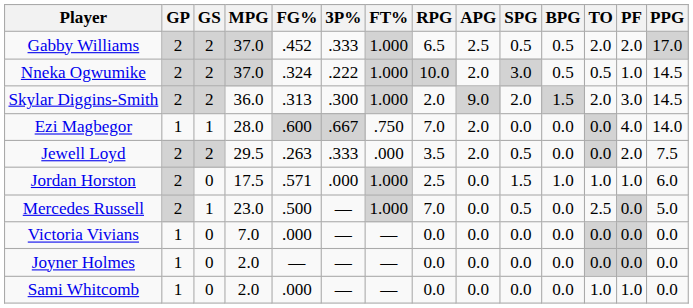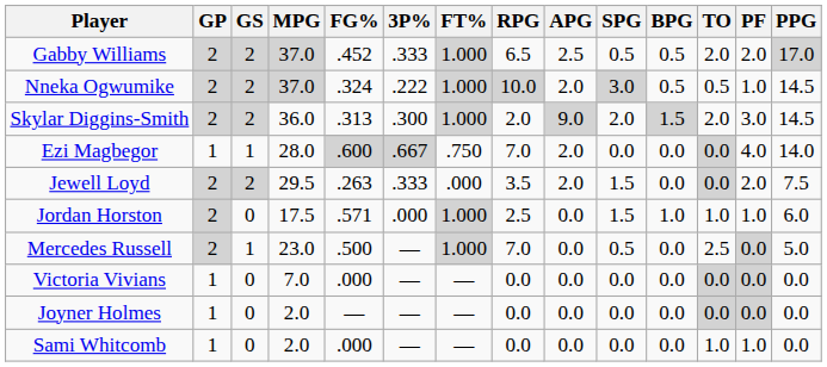 <table class="wikitable sortable" style="text-align:center;">
 <tr>
 <th>Player</th>
 <th>GP</th>
 <th>GS</th>
 <th>MPG</th>
 <th>FG%</th>
 <th>3P%</th>
 <th>FT%</th>
 <th>RPG</th>
 <th>APG</th>
 <th>SPG</th>
 <th>BPG</th>
 <th>TO</th>
 <th>PF</th>
 <th>PPG</th>
 </tr>
 <tr>
 <td><a href='#'>Gabby Williams</a></td>
 <td style="background:#D3D3D3;">2</td>
 <td style="background:#D3D3D3;">2</td>
 <td style="background:#D3D3D3;">37.0</td>
 <td>.452</td>
 <td>.333</td>
 <td style="background:#D3D3D3;">1.000</td>
 <td>6.5</td>
 <td>2.5</td>
 <td>0.5</td>
 <td>0.5</td>
 <td>2.0</td>
 <td>2.0</td>
 <td style="background:#D3D3D3;">17.0</td>
 </tr>
 <tr>
 <td><a href='#'>Nneka Ogwumike</a></td>
 <td style="background:#D3D3D3;">2</td>
 <td style="background:#D3D3D3;">2</td>
 <td style="background:#D3D3D3;">37.0</td>
 <td>.324</td>
 <td>.222</td>
 <td style="background:#D3D3D3;">1.000</td>
 <td style="background:#D3D3D3;">10.0</td>
 <td>2.0</td>
 <td style="background:#D3D3D3;">3.0</td>
 <td>0.5</td>
 <td>0.5</td>
 <td>1.0</td>
 <td>14.5</td>
 </tr>
 <tr>
 <td><a href='#'>Skylar Diggins-Smith</a></td>
 <td style="background:#D3D3D3;">2</td>
 <td style="background:#D3D3D3;">2</td>
 <td>36.0</td>
 <td>.313</td>
 <td>.300</td>
 <td style="background:#D3D3D3;">1.000</td>
 <td>2.0</td>
 <td style="background:#D3D3D3;">9.0</td>
 <td>2.0</td>
 <td style="background:#D3D3D3;">1.5</td>
 <td>2.0</td>
 <td>3.0</td>
 <td>14.5</td>
 </tr>
 <tr>
 <td><a href='#'>Ezi Magbegor</a></td>
 <td>1</td>
 <td>1</td>
 <td>28.0</td>
 <td style="background:#D3D3D3;">.600</td>
 <td style="background:#D3D3D3;">.667</td>
 <td>.750</td>
 <td>7.0</td>
 <td>2.0</td>
 <td>0.0</td>
 <td>0.0</td>
 <td style="background:#D3D3D3;">0.0</td>
 <td>4.0</td>
 <td>14.0</td>
 </tr>
 <tr>
 <td><a href='#'>Jewell Loyd</a></td>
 <td style="background:#D3D3D3;">2</td>
 <td style="background:#D3D3D3;">2</td>
 <td>29.5</td>
 <td>.263</td>
 <td>.333</td>
 <td>.000</td>
 <td>3.5</td>
 <td>2.0</td>
-<td>0.5</td>
+<td>1.5</td>
 <td>0.0</td>
 <td style="background:#D3D3D3;">0.0</td>
 <td>2.0</td>
 <td>7.5</td>
 </tr>
 <tr>
 <td><a href='#'>Jordan Horston</a></td>
 <td style="background:#D3D3D3;">2</td>
 <td>0</td>
 <td>17.5</td>
 <td>.571</td>
 <td>.000</td>
 <td style="background:#D3D3D3;">1.000</td>
 <td>2.5</td>
 <td>0.0</td>
 <td>1.5</td>
 <td>1.0</td>
 <td>1.0</td>
 <td>1.0</td>
 <td>6.0</td>
 </tr>
 <tr>
 <td><a href='#'>Mercedes Russell</a></td>
 <td style="background:#D3D3D3;">2</td>
 <td>1</td>
 <td>23.0</td>
 <td>.500</td>
 <td>—</td>
 <td style="background:#D3D3D3;">1.000</td>
 <td>7.0</td>
 <td>0.0</td>
 <td>0.5</td>
 <td>0.0</td>
 <td>2.5</td>
 <td style="background:#D3D3D3;">0.0</td>
 <td>5.0</td>
 </tr>
 <tr>
 <td><a href='#'>Victoria Vivians</a></td>
 <td>1</td>
 <td>0</td>
 <td>7.0</td>
 <td>.000</td>
 <td>—</td>
 <td>—</td>
 <td>0.0</td>
 <td>0.0</td>
 <td>0.0</td>
 <td>0.0</td>
 <td style="background:#D3D3D3;">0.0</td>
 <td style="background:#D3D3D3;">0.0</td>
 <td>0.0</td>
 </tr>
 <tr>
 <td><a href='#'>Joyner Holmes</a></td>
 <td>1</td>
 <td>0</td>
 <td>2.0</td>
 <td>—</td>
 <td>—</td>
 <td>—</td>
 <td>0.0</td>
 <td>0.0</td>
 <td>0.0</td>
 <td>0.0</td>
 <td style="background:#D3D3D3;">0.0</td>
 <td style="background:#D3D3D3;">0.0</td>
 <td>0.0</td>
 </tr>
 <tr>
 <td><a href='#'>Sami Whitcomb</a></td>
 <td>1</td>
 <td>0</td>
 <td>2.0</td>
 <td>.000</td>
 <td>—</td>
 <td>—</td>
 <td>0.0</td>
 <td>0.0</td>
 <td>0.0</td>
 <td>0.0</td>
 <td>1.0</td>
 <td>1.0</td>
 <td>0.0</td>
 </tr>
 </table>
